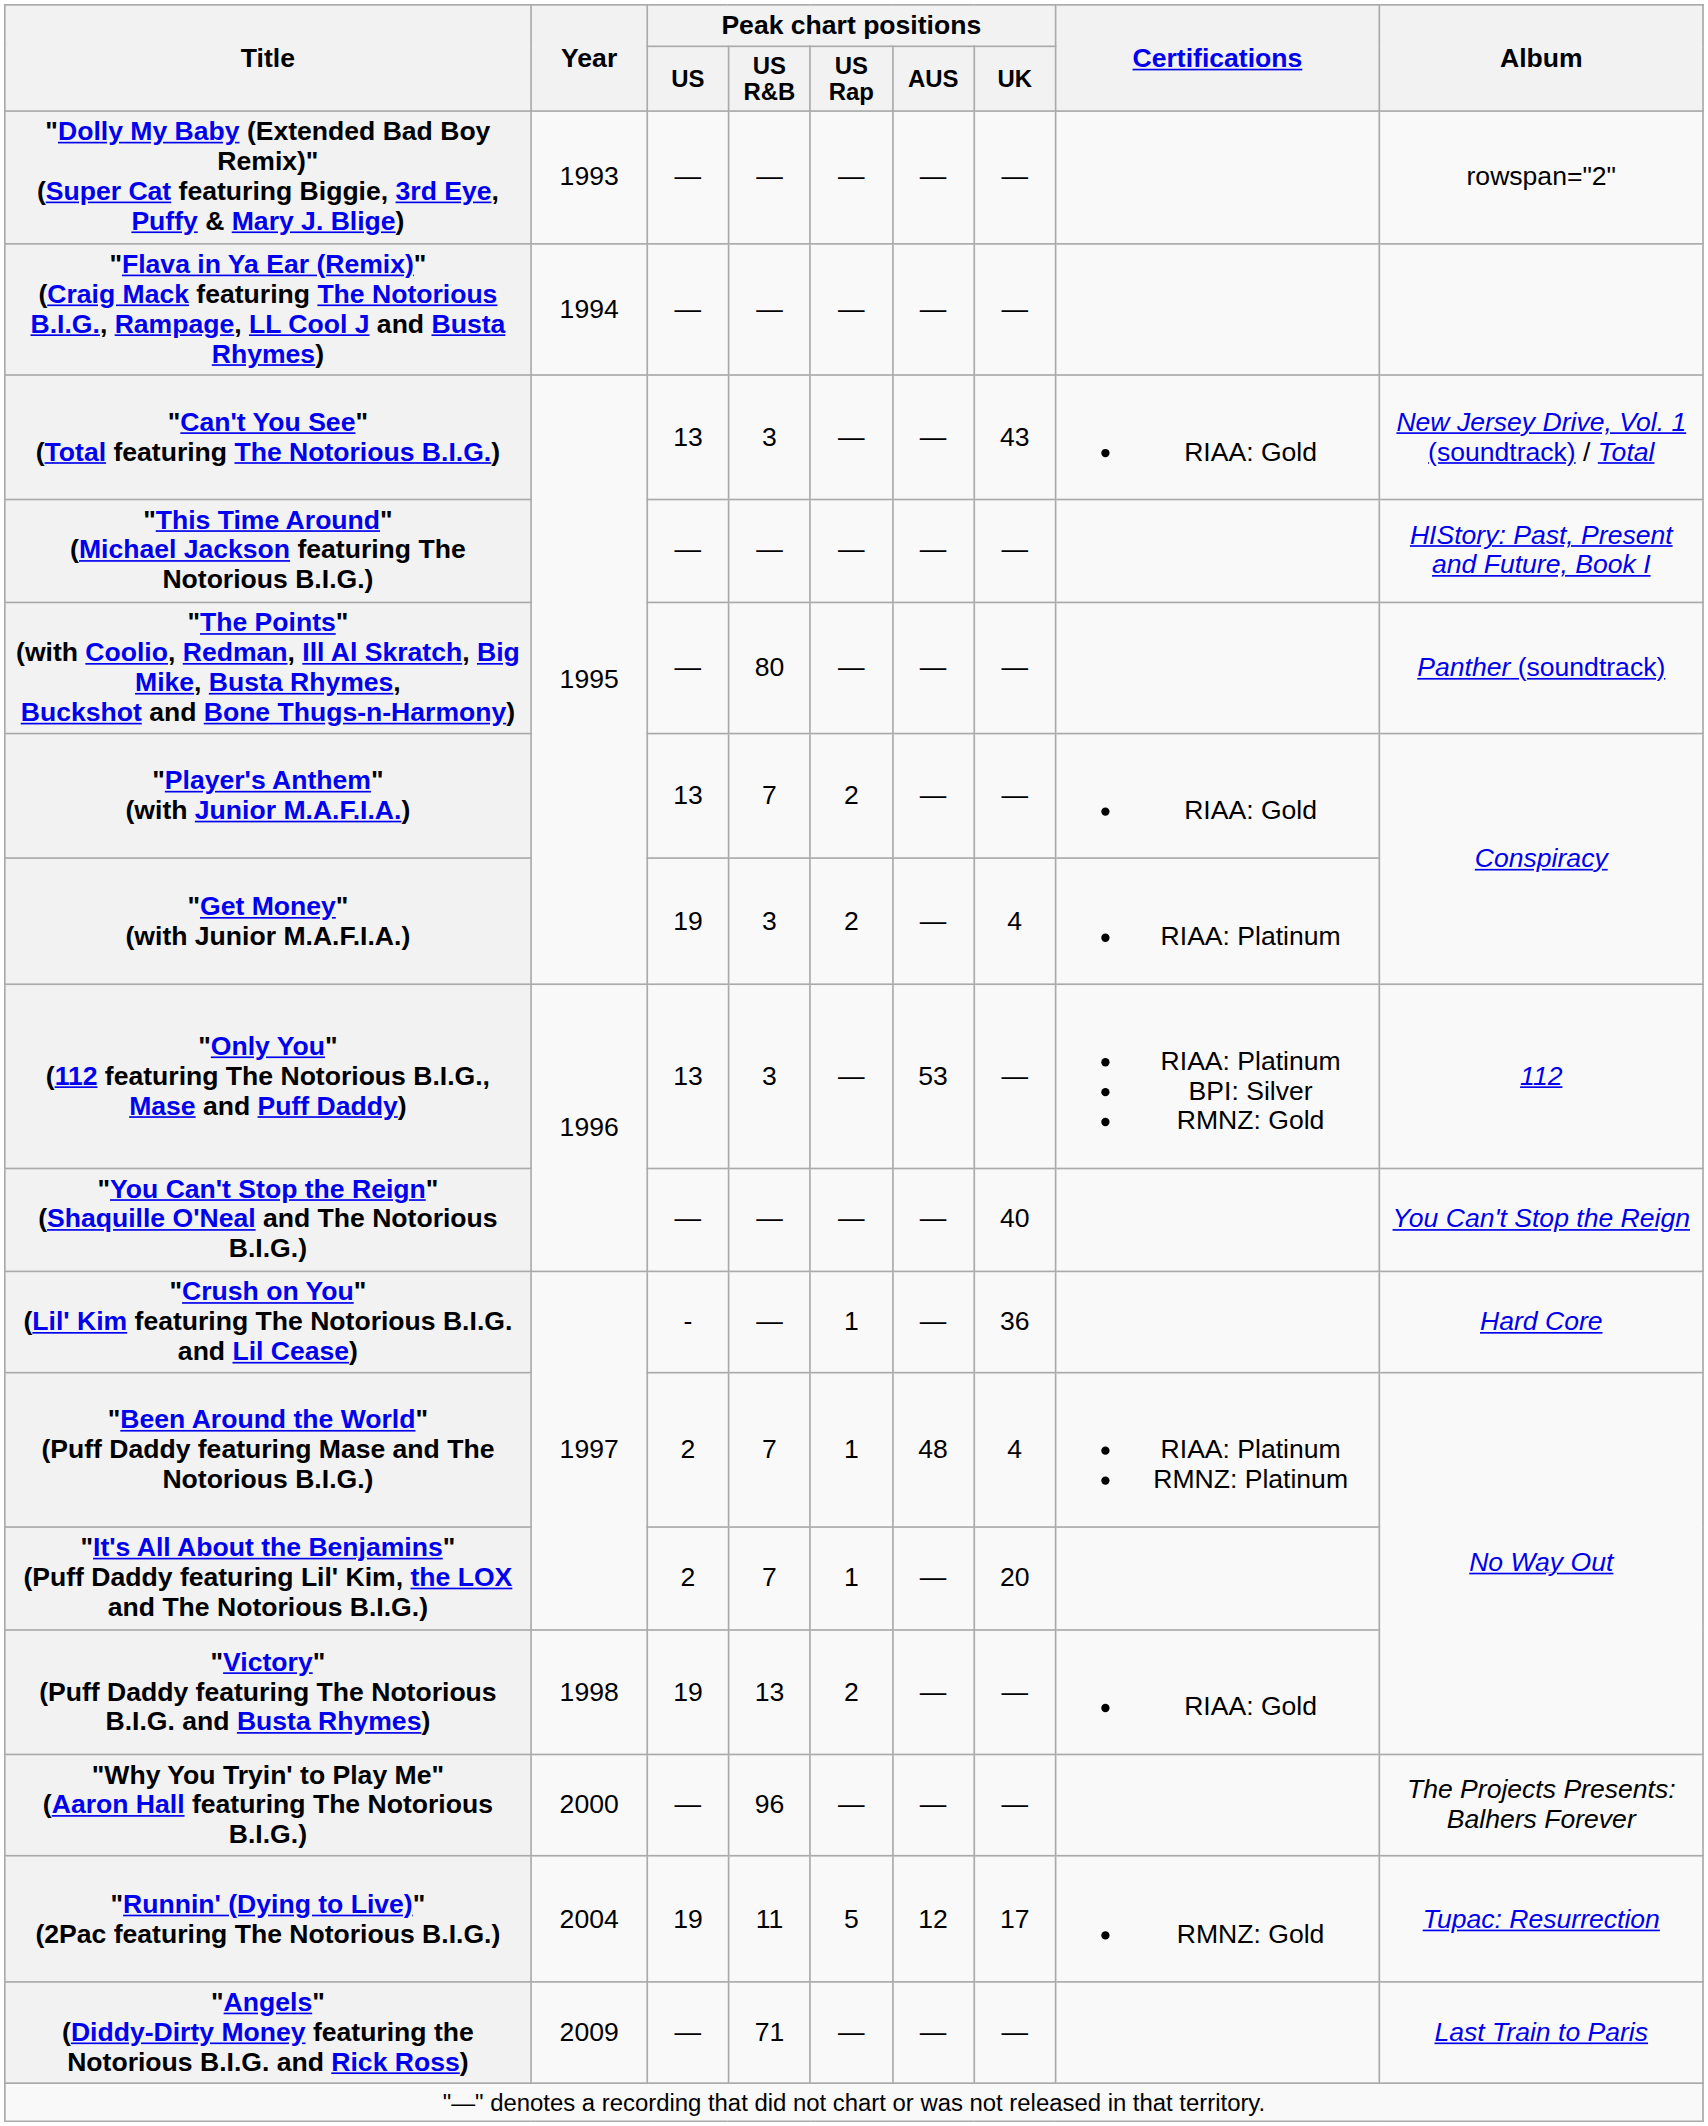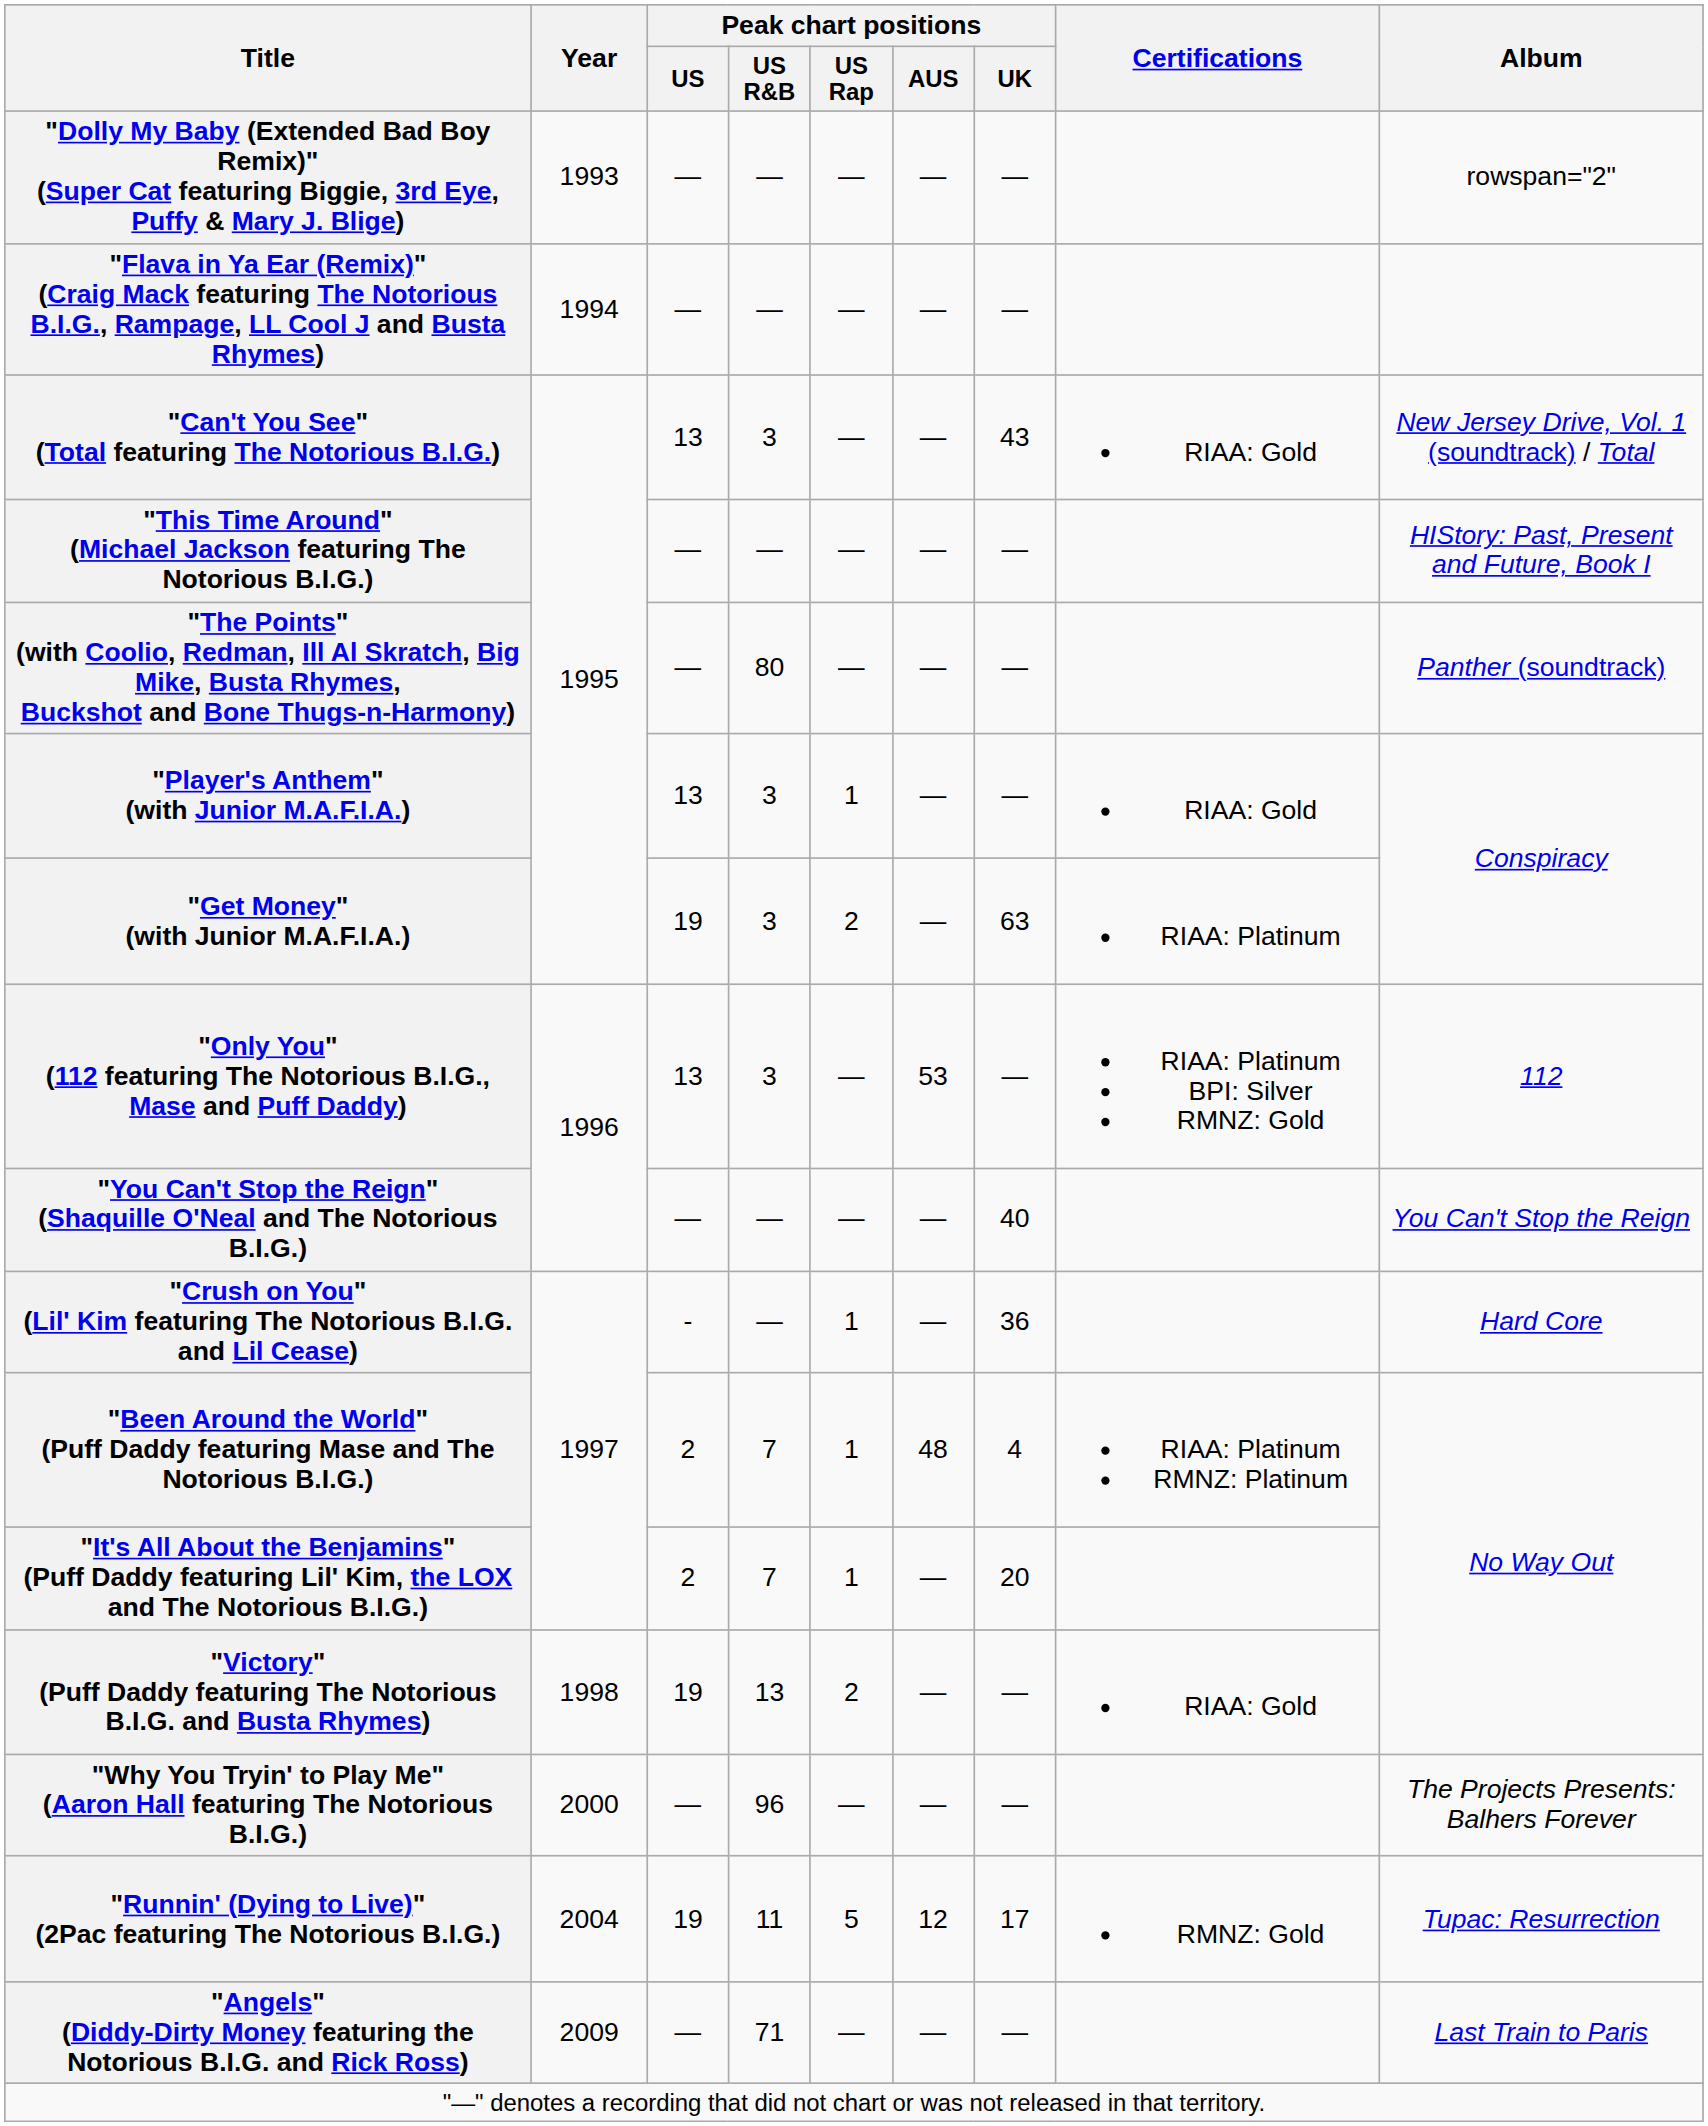 <table class="wikitable plainrowheaders" style="text-align:center;width:64em;" border="1">
 <tr>
 <th scope="col" rowspan="2" style="width:20em;">Title</th>
 <th scope="col" rowspan="2" style="width:4em;">Year</th>
 <th scope="col" colspan="5" style="width:8em;">Peak chart positions</th>
 <th scope="col" rowspan="2" style="width:12em;"><a href='#'>Certifications</a></th>
 <th scope="col" rowspan="2" style="width:12em;">Album</th>
 </tr>
 <tr>
 <th scope="col" style="width:3em;font-size:90%;">US<br></th>
 <th scope="col" style="width:3em;font-size:90%;">US R&B<br></th>
 <th scope="col" style="width:3em;font-size:90%;">US Rap<br></th>
 <th scope="col" style="width:3em;font-size:90%;">AUS<br></th>
 <th scope="col" style="width:3em;font-size:90%;">UK<br></th>
 </tr>
 <tr>
 <th scope="row">"<a href='#'>Dolly My Baby</a> (Extended Bad Boy Remix)"<br><span>(<a href='#'>Super Cat</a> featuring Biggie, <a href='#'>3rd Eye</a>, <a href='#'>Puffy</a> & <a href='#'>Mary J. Blige</a>)</span></th>
 <td>1993</td>
 <td>—</td>
 <td>—</td>
 <td>—</td>
 <td>—</td>
 <td>—</td>
 <td></td>
 <td>rowspan="2" </td>
 </tr>
 <tr>
 <th scope="row">"<a href='#'>Flava in Ya Ear (Remix)</a>"<br><span>(<a href='#'>Craig Mack</a> featuring <a href='#'>The Notorious B.I.G.</a>, <a href='#'>Rampage</a>, <a href='#'>LL Cool J</a> and <a href='#'>Busta Rhymes</a>)</span></th>
 <td>1994</td>
 <td>—</td>
 <td>—</td>
 <td>—</td>
 <td>—</td>
 <td>—</td>
 <td></td>
 </tr>
 <tr>
 <th scope="row">"<a href='#'>Can't You See</a>"<br><span>(<a href='#'>Total</a> featuring <a href='#'>The Notorious B.I.G.</a>)</span></th>
 <td rowspan="5">1995</td>
 <td>13</td>
 <td>3</td>
 <td>—</td>
 <td>—</td>
 <td>43</td>
 <td><br><ul><li>RIAA: Gold</li></ul></td>
 <td><a href='#'><em>New Jersey Drive, Vol. 1</em> (soundtrack)</a> / <em><a href='#'>Total</a></em></td>
 </tr>
 <tr>
 <th scope="row">"<a href='#'>This Time Around</a>"<br><span>(<a href='#'>Michael Jackson</a> featuring The Notorious B.I.G.)</span></th>
 <td>—</td>
 <td>—</td>
 <td>—</td>
 <td>—</td>
 <td>—</td>
 <td></td>
 <td><em><a href='#'>HIStory: Past, Present and Future, Book I</a></em></td>
 </tr>
 <tr>
 <th scope="row">"<a href='#'>The Points</a>"<br><span>(with <a href='#'>Coolio</a>, <a href='#'>Redman</a>, <a href='#'>Ill Al Skratch</a>, <a href='#'>Big Mike</a>, <a href='#'>Busta Rhymes</a>,<br><a href='#'>Buckshot</a> and <a href='#'>Bone Thugs-n-Harmony</a>)</span></th>
 <td>—</td>
 <td>80</td>
 <td>—</td>
 <td>—</td>
 <td>—</td>
 <td></td>
 <td><a href='#'><em>Panther</em> (soundtrack)</a></td>
 </tr>
 <tr>
 <th scope="row">"<a href='#'>Player's Anthem</a>"<br><span>(with <a href='#'>Junior M.A.F.I.A.</a>)</span></th>
 <td>13</td>
-<td>7</td>
-<td>2</td>
+<td>3</td>
+<td>1</td>
 <td>—</td>
 <td>—</td>
 <td><br><ul><li>RIAA: Gold</li></ul></td>
 <td rowspan="2"><em><a href='#'>Conspiracy</a></em></td>
 </tr>
 <tr>
 <th scope="row">"<a href='#'>Get Money</a>"<br><span>(with Junior M.A.F.I.A.)</span></th>
 <td>19</td>
 <td>3</td>
 <td>2</td>
 <td>—</td>
-<td>4</td>
+<td>63</td>
 <td><br><ul><li>RIAA: Platinum</li></ul></td>
 </tr>
 <tr>
 <th scope="row">"<a href='#'>Only You</a>"<br><span>(<a href='#'>112</a> featuring The Notorious B.I.G., <a href='#'>Mase</a> and <a href='#'>Puff Daddy</a>)</span></th>
 <td rowspan="2">1996</td>
 <td>13</td>
 <td>3</td>
 <td>—</td>
 <td>53</td>
 <td>—</td>
 <td><br><ul><li>RIAA: Platinum</li><li>BPI: Silver</li><li>RMNZ: Gold</li></ul></td>
 <td><em><a href='#'>112</a></em></td>
 </tr>
 <tr>
 <th scope="row">"<a href='#'>You Can't Stop the Reign</a>"<br><span>(<a href='#'>Shaquille O'Neal</a> and The Notorious B.I.G.)</span></th>
 <td>—</td>
 <td>—</td>
 <td>—</td>
 <td>—</td>
 <td>40</td>
 <td></td>
 <td><em><a href='#'>You Can't Stop the Reign</a></em></td>
 </tr>
 <tr>
 <th scope="row">"<a href='#'>Crush on You</a>"<br><span>(<a href='#'>Lil' Kim</a> featuring The Notorious B.I.G. and <a href='#'>Lil Cease</a>)</span></th>
 <td rowspan="3">1997</td>
 <td>-</td>
 <td>—</td>
 <td>1</td>
 <td>—</td>
 <td>36</td>
 <td></td>
 <td><a href='#'><em>Hard Core</em></a></td>
 </tr>
 <tr>
 <th scope="row">"<a href='#'>Been Around the World</a>"<br><span>(Puff Daddy featuring Mase and The Notorious B.I.G.)</span></th>
 <td>2</td>
 <td>7</td>
 <td>1</td>
 <td>48</td>
 <td>4</td>
 <td><br><ul><li>RIAA: Platinum</li><li>RMNZ: Platinum</li></ul></td>
 <td rowspan="3"><em><a href='#'>No Way Out</a></em></td>
 </tr>
 <tr>
 <th scope="row">"<a href='#'>It's All About the Benjamins</a>"<br><span>(Puff Daddy featuring Lil' Kim, <a href='#'>the LOX</a> and The Notorious B.I.G.)</span></th>
 <td>2</td>
 <td>7</td>
 <td>1</td>
 <td>—</td>
 <td>20</td>
 <td></td>
 </tr>
 <tr>
 <th scope="row">"<a href='#'>Victory</a>"<br><span>(Puff Daddy featuring The Notorious B.I.G. and <a href='#'>Busta Rhymes</a>)</span></th>
 <td>1998</td>
 <td>19</td>
 <td>13</td>
 <td>2</td>
 <td>—</td>
 <td>—</td>
 <td><br><ul><li>RIAA: Gold</li></ul></td>
 </tr>
 <tr>
 <th scope="row">"Why You Tryin' to Play Me"<br><span>(<a href='#'>Aaron Hall</a> featuring The Notorious B.I.G.)</span></th>
 <td>2000</td>
 <td>—</td>
 <td>96</td>
 <td>—</td>
 <td>—</td>
 <td>—</td>
 <td></td>
 <td><em>The Projects Presents: Balhers Forever</em></td>
 </tr>
 <tr>
 <th scope="row">"<a href='#'>Runnin' (Dying to Live)</a>"<br><span>(2Pac featuring The Notorious B.I.G.)</span></th>
 <td>2004</td>
 <td>19</td>
 <td>11</td>
 <td>5</td>
 <td>12</td>
 <td>17</td>
 <td><br><ul><li>RMNZ: Gold</li></ul></td>
 <td><em><a href='#'>Tupac: Resurrection</a></em></td>
 </tr>
 <tr>
 <th scope="row">"<a href='#'>Angels</a>"<br><span>(<a href='#'>Diddy-Dirty Money</a> featuring the Notorious B.I.G. and <a href='#'>Rick Ross</a>)</span></th>
 <td>2009</td>
 <td>—</td>
 <td>71</td>
 <td>—</td>
 <td>—</td>
 <td>—</td>
 <td></td>
 <td><em><a href='#'>Last Train to Paris</a></em></td>
 </tr>
 <tr>
 <td colspan="15" style="font-size:90%">"—" denotes a recording that did not chart or was not released in that territory.</td>
 </tr>
 </table>
